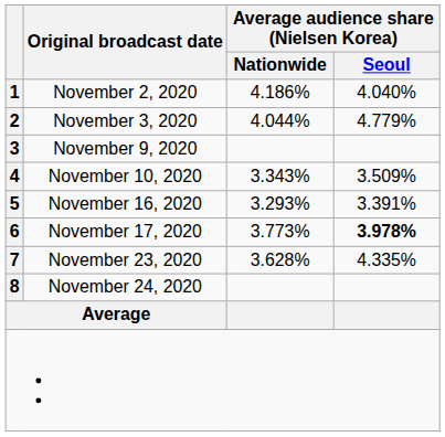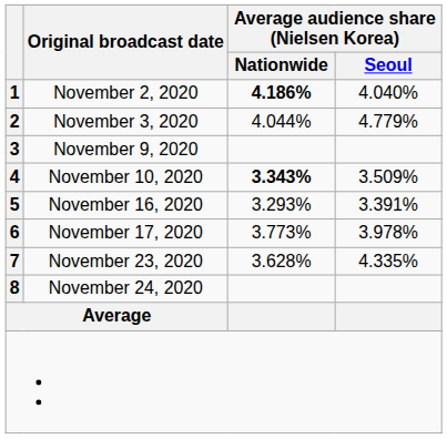 <table class="wikitable" style="text-align:center;max-width:450px; margin-left: auto; margin-right: auto; border: none;">
 <tr>
 </tr>
 <tr>
 <th rowspan="2"></th>
 <th rowspan="2">Original broadcast date</th>
 <th colspan="2">Average audience share<br>(Nielsen Korea)</th>
 </tr>
 <tr>
 <th width="90">Nationwide</th>
 <th width="90"><a href='#'>Seoul</a></th>
 </tr>
 <tr>
 <th>1</th>
 <td>November 2, 2020</td>
-<td>4.186% </td>
+<td><strong>4.186% </strong></td>
 <td>4.040% </td>
 </tr>
 <tr>
 <th>2</th>
 <td>November 3, 2020</td>
 <td>4.044% </td>
 <td>4.779% </td>
 </tr>
 <tr>
 <th>3</th>
 <td>November 9, 2020</td>
 <td> </td>
 <td> </td>
 </tr>
 <tr>
 <th>4</th>
 <td>November 10, 2020</td>
-<td>3.343% </td>
+<td><strong>3.343% </strong></td>
 <td>3.509% </td>
 </tr>
 <tr>
 <th>5</th>
 <td>November 16, 2020</td>
 <td>3.293% </td>
 <td>3.391% </td>
 </tr>
 <tr>
 <th>6</th>
 <td>November 17, 2020</td>
 <td>3.773% </td>
-<td><strong>3.978% </strong></td>
+<td>3.978% </td>
 </tr>
 <tr>
 <th>7</th>
 <td>November 23, 2020</td>
 <td>3.628% </td>
 <td>4.335% </td>
 </tr>
 <tr>
 <th>8</th>
 <td>November 24, 2020</td>
 <td> </td>
 <td> </td>
 </tr>
 <tr>
 <th colspan="2">Average</th>
 <th></th>
 <th></th>
 </tr>
 <tr>
 <td colspan="4"><br><ul><li></li><li></li></ul></td>
 </tr>
 </table>
